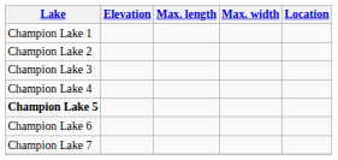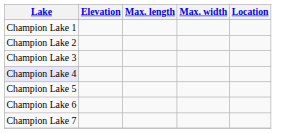 <table class="wikitable sortable">
 <tr>
 <th><a href='#'>Lake</a></th>
 <th><a href='#'>Elevation</a></th>
 <th><a href='#'>Max. length</a></th>
 <th><a href='#'>Max. width</a></th>
 <th><a href='#'>Location</a></th>
 </tr>
 <tr>
 <td>Champion Lake 1</td>
 <td></td>
 <td></td>
 <td></td>
 <td></td>
 </tr>
 <tr>
 <td>Champion Lake 2</td>
 <td></td>
 <td></td>
 <td></td>
 <td></td>
 </tr>
 <tr>
 <td>Champion Lake 3</td>
 <td></td>
 <td></td>
 <td></td>
 <td></td>
 </tr>
 <tr>
-<td>Champion Lake 4</td>
+<td style="background: lavender;">Champion Lake 4</td>
 <td></td>
 <td></td>
 <td></td>
 <td></td>
 </tr>
 <tr>
-<td><strong>Champion Lake 5</strong></td>
+<td>Champion Lake 5</td>
 <td></td>
 <td></td>
 <td></td>
 <td></td>
 </tr>
 <tr>
 <td>Champion Lake 6</td>
 <td></td>
 <td></td>
 <td></td>
 <td></td>
 </tr>
 <tr>
 <td>Champion Lake 7</td>
 <td></td>
 <td></td>
 <td></td>
 <td></td>
 </tr>
 <tr>
 </tr>
 </table>
